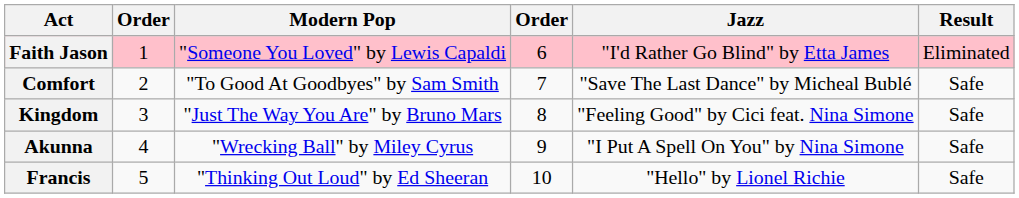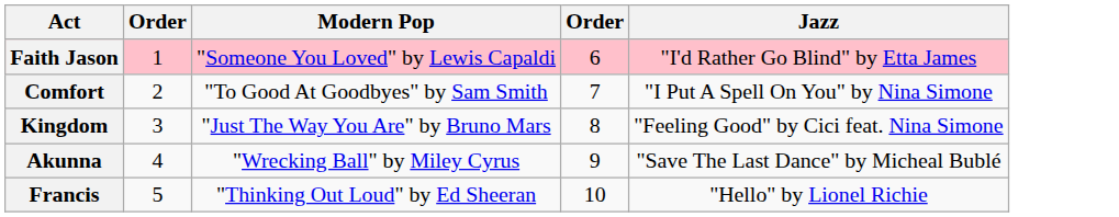 <table class="wikitable plainrowheaders" style="text-align:center;">
 <tr>
 <th scope"col">Act</th>
 <th scope"col">Order</th>
 <th scope"col">Modern Pop</th>
 <th scope"col">Order</th>
 <th scope"col">Jazz</th>
-<th scope"col">Result</th>
 </tr>
 <tr style="background: pink">
 <th scope=row>Faith Jason</th>
 <td>1</td>
 <td>"<a href='#'>Someone You Loved</a>" by <a href='#'>Lewis Capaldi</a></td>
 <td>6</td>
 <td>"I'd Rather Go Blind" by <a href='#'>Etta James</a></td>
-<td>Eliminated</td>
 </tr>
 <tr>
 <th scope=row>Comfort</th>
 <td>2</td>
 <td>"To Good At Goodbyes" by <a href='#'>Sam Smith</a></td>
 <td>7</td>
-<td>"Save The Last Dance" by Micheal Bublé</td>
-<td>Safe</td>
+<td>"I Put A Spell On You" by <a href='#'>Nina Simone</a></td>
 </tr>
 <tr>
 <th scope=row>Kingdom</th>
 <td>3</td>
 <td>"<a href='#'>Just The Way You Are</a>" by <a href='#'>Bruno Mars</a></td>
 <td>8</td>
 <td>"Feeling Good" by Cici feat. <a href='#'>Nina Simone</a></td>
-<td>Safe</td>
 </tr>
 <tr>
 <th scope=row>Akunna</th>
 <td>4</td>
 <td>"<a href='#'>Wrecking Ball</a>" by <a href='#'>Miley Cyrus</a></td>
 <td>9</td>
-<td>"I Put A Spell On You" by <a href='#'>Nina Simone</a></td>
-<td>Safe</td>
+<td>"Save The Last Dance" by Micheal Bublé</td>
 </tr>
 <tr>
 <th scope=row>Francis</th>
 <td>5</td>
 <td>"<a href='#'>Thinking Out Loud</a>" by <a href='#'>Ed Sheeran</a></td>
 <td>10</td>
 <td>"Hello" by <a href='#'>Lionel Richie</a></td>
-<td>Safe</td>
 </tr>
 </table>
